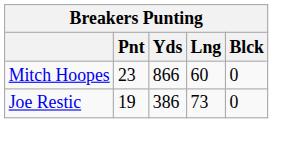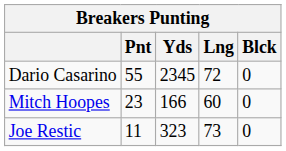 <table class="wikitable">
 <tr>
 <th colspan="5">Breakers Punting</th>
 </tr>
 <tr>
 <th></th>
 <th>Pnt</th>
 <th>Yds</th>
 <th>Lng</th>
 <th>Blck</th>
 </tr>
 <tr>
+<td>Dario Casarino</td>
+<td>55</td>
+<td>2345</td>
+<td>72</td>
+<td>0</td>
+</tr>
+<tr>
 <td><a href='#'>Mitch Hoopes</a></td>
 <td>23</td>
-<td>866</td>
+<td>166</td>
 <td>60</td>
 <td>0</td>
 </tr>
 <tr>
 <td><a href='#'>Joe Restic</a></td>
-<td>19</td>
-<td>386</td>
+<td>11</td>
+<td>323</td>
 <td>73</td>
 <td>0</td>
 </tr>
 </table>
